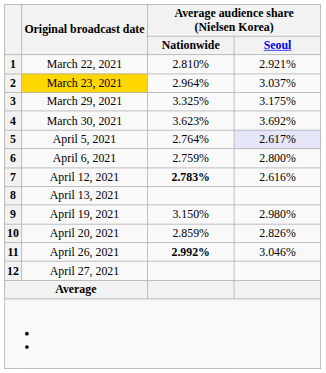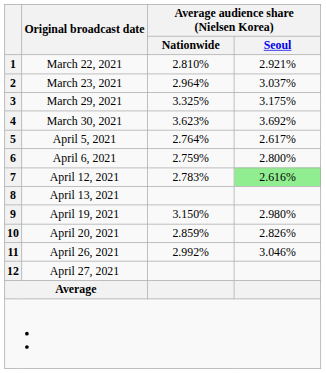 <table class="wikitable" style="text-align:center;max-width:500px; margin-left: auto; margin-right: auto; border: none;">
 <tr>
 </tr>
 <tr>
 <th rowspan="2"></th>
 <th rowspan="2">Original broadcast date</th>
 <th colspan="2">Average audience share<br>(Nielsen Korea)</th>
 </tr>
 <tr>
 <th width="110">Nationwide</th>
 <th width="110"><a href='#'>Seoul</a></th>
 </tr>
 <tr>
 <th>1</th>
 <td>March 22, 2021</td>
 <td>2.810% </td>
 <td>2.921% </td>
 </tr>
 <tr>
 <th>2</th>
-<td style="background: gold;">March 23, 2021</td>
+<td>March 23, 2021</td>
 <td>2.964% </td>
 <td>3.037% </td>
 </tr>
 <tr>
 <th>3</th>
 <td>March 29, 2021</td>
 <td>3.325% </td>
 <td>3.175% </td>
 </tr>
 <tr>
 <th>4</th>
 <td>March 30, 2021</td>
 <td>3.623% </td>
 <td>3.692% </td>
 </tr>
 <tr>
 <th>5</th>
 <td>April 5, 2021</td>
 <td>2.764% </td>
-<td style="background: lavender;">2.617% </td>
+<td>2.617% </td>
 </tr>
 <tr>
 <th>6</th>
 <td>April 6, 2021</td>
 <td>2.759% </td>
 <td>2.800% </td>
 </tr>
 <tr>
 <th>7</th>
 <td>April 12, 2021</td>
-<td><strong>2.783% </strong></td>
-<td>2.616% </td>
+<td>2.783% </td>
+<td style="background: lightgreen;">2.616% </td>
 </tr>
 <tr>
 <th>8</th>
 <td>April 13, 2021</td>
 <td><strong></strong> </td>
 <td><strong></strong> </td>
 </tr>
 <tr>
 <th>9</th>
 <td>April 19, 2021</td>
 <td>3.150% </td>
 <td>2.980% </td>
 </tr>
 <tr>
 <th>10</th>
 <td>April 20, 2021</td>
 <td>2.859% </td>
 <td>2.826% </td>
 </tr>
 <tr>
 <th>11</th>
 <td>April 26, 2021</td>
-<td><strong>2.992% </strong></td>
+<td>2.992% </td>
 <td>3.046% </td>
 </tr>
 <tr>
 <th>12</th>
 <td>April 27, 2021</td>
 <td><strong></strong> </td>
 <td><strong></strong> </td>
 </tr>
 <tr>
 <th colspan="2">Average</th>
 <th></th>
 <th></th>
 </tr>
 <tr>
 <td colspan="6"><br><ul><li></li><li></li></ul></td>
 </tr>
 </table>
